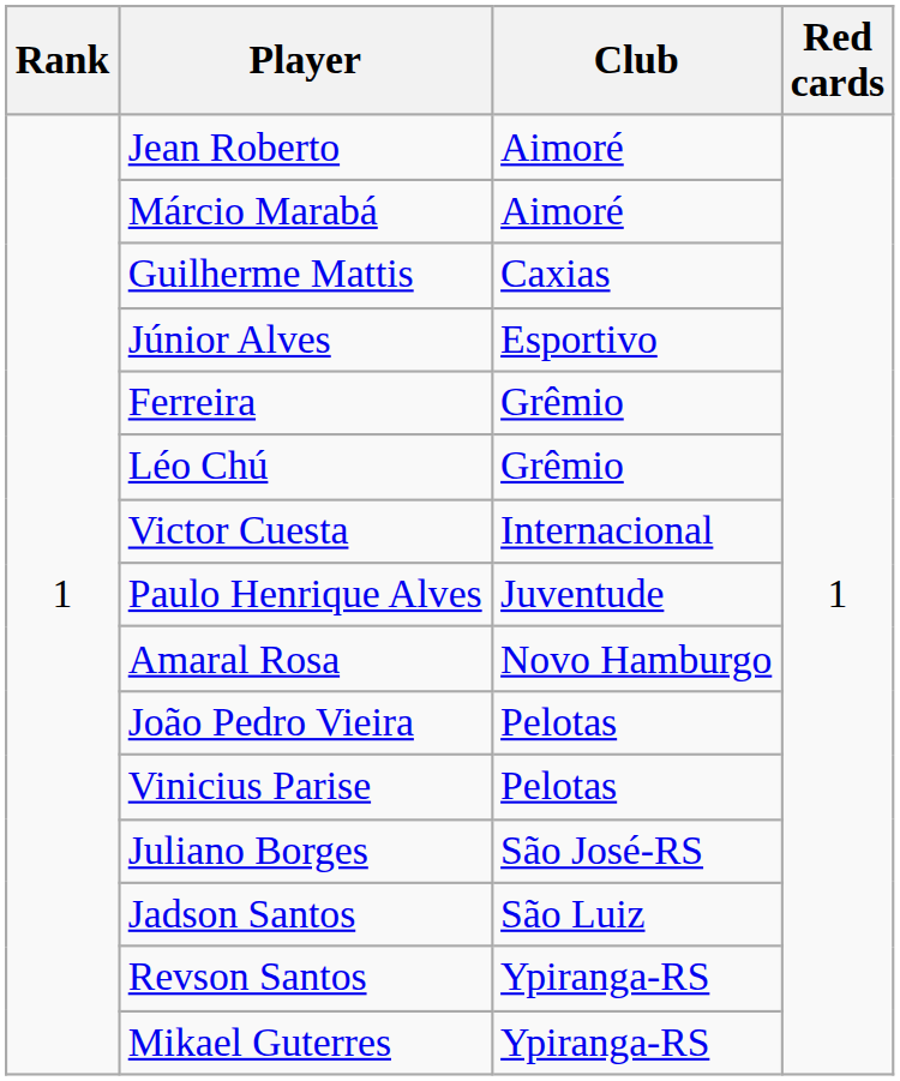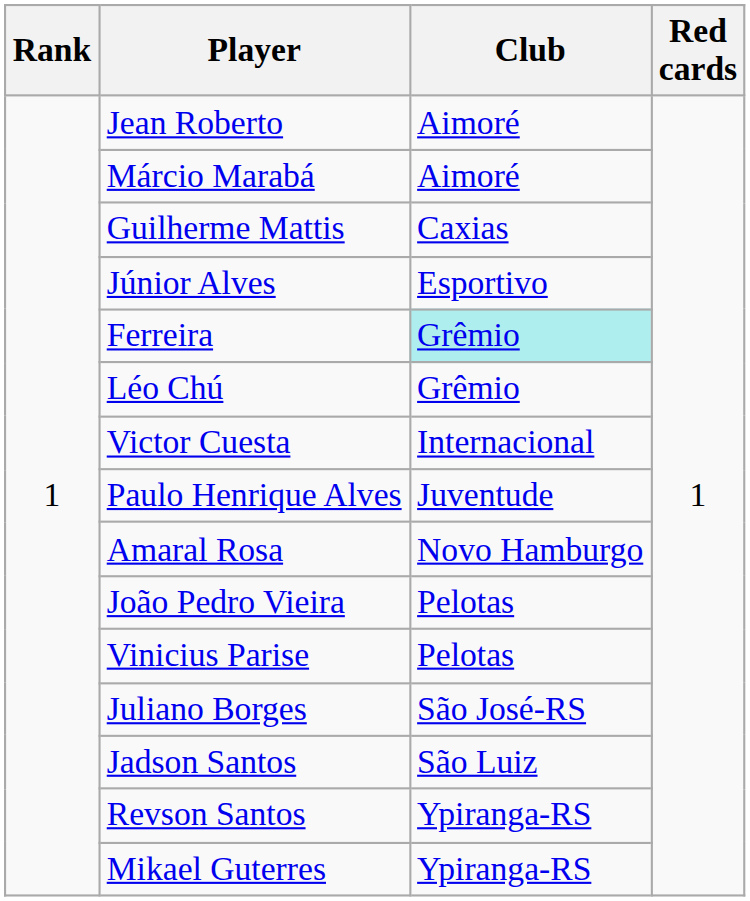 <table class="wikitable" style="text-align:center">
 <tr>
 <th>Rank</th>
 <th>Player</th>
 <th>Club</th>
 <th>Red<br>cards</th>
 </tr>
 <tr>
 <td rowspan=15>1</td>
 <td align=left> <a href='#'>Jean Roberto</a></td>
 <td align=left><a href='#'>Aimoré</a></td>
 <td rowspan=15>1</td>
 </tr>
 <tr>
 <td align=left> <a href='#'>Márcio Marabá</a></td>
 <td align=left><a href='#'>Aimoré</a></td>
 </tr>
 <tr>
 <td align=left> <a href='#'>Guilherme Mattis</a></td>
 <td align=left><a href='#'>Caxias</a></td>
 </tr>
 <tr>
 <td align=left> <a href='#'>Júnior Alves</a></td>
 <td align=left><a href='#'>Esportivo</a></td>
 </tr>
 <tr>
 <td align=left> <a href='#'>Ferreira</a></td>
-<td align=left><a href='#'>Grêmio</a></td>
+<td align=left style="background: paleturquoise;"><a href='#'>Grêmio</a></td>
 </tr>
 <tr>
 <td align=left> <a href='#'>Léo Chú</a></td>
 <td align=left><a href='#'>Grêmio</a></td>
 </tr>
 <tr>
 <td align=left> <a href='#'>Victor Cuesta</a></td>
 <td align=left><a href='#'>Internacional</a></td>
 </tr>
 <tr>
 <td align=left> <a href='#'>Paulo Henrique Alves</a></td>
 <td align=left><a href='#'>Juventude</a></td>
 </tr>
 <tr>
 <td align=left> <a href='#'>Amaral Rosa</a></td>
 <td align=left><a href='#'>Novo Hamburgo</a></td>
 </tr>
 <tr>
 <td align=left> <a href='#'>João Pedro Vieira</a></td>
 <td align=left><a href='#'>Pelotas</a></td>
 </tr>
 <tr>
 <td align=left> <a href='#'>Vinicius Parise</a></td>
 <td align=left><a href='#'>Pelotas</a></td>
 </tr>
 <tr>
 <td align=left> <a href='#'>Juliano Borges</a></td>
 <td align=left><a href='#'>São José-RS</a></td>
 </tr>
 <tr>
 <td align=left> <a href='#'>Jadson Santos</a></td>
 <td align=left><a href='#'>São Luiz</a></td>
 </tr>
 <tr>
 <td align=left> <a href='#'>Revson Santos</a></td>
 <td align=left><a href='#'>Ypiranga-RS</a></td>
 </tr>
 <tr>
 <td align=left> <a href='#'>Mikael Guterres</a></td>
 <td align=left><a href='#'>Ypiranga-RS</a></td>
 </tr>
 </table>
